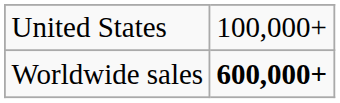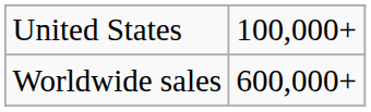 <table class="wikitable">
 <tr>
 <td scope="row">United States</td>
 <td>100,000+</td>
 </tr>
 <tr>
 <td scope="row">Worldwide sales</td>
-<td><strong>600,000+</strong></td>
+<td>600,000+</td>
 </tr>
 </table>
